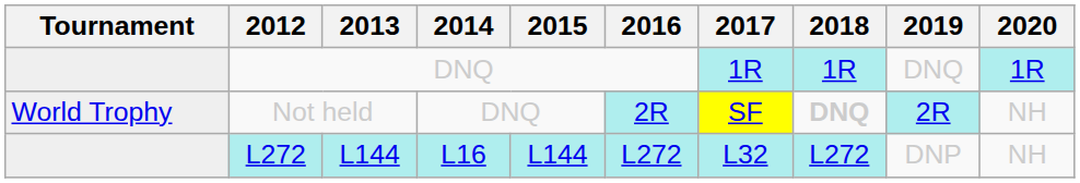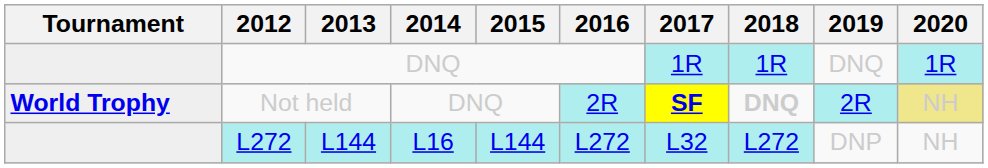 <table class="wikitable" style="width:50%; margin:0">
 <tr>
 <th>Tournament</th>
 <th>2012</th>
 <th>2013</th>
 <th>2014</th>
 <th>2015</th>
 <th>2016</th>
 <th>2017</th>
 <th>2018</th>
 <th>2019</th>
 <th>2020</th>
 </tr>
 <tr>
 <td style="background:#efefef;"></td>
 <td colspan="5" style="text-align:center; color:#ccc;">DNQ</td>
 <td style="text-align:center; background:#afeeee;"><a href='#'>1R</a></td>
 <td style="text-align:center; background:#afeeee;"><a href='#'>1R</a></td>
 <td style="text-align:center; color:#ccc;">DNQ</td>
 <td style="text-align:center; background:#afeeee;"><a href='#'>1R</a></td>
 </tr>
 <tr>
-<td style="background:#efefef;"><a href='#'>World Trophy</a></td>
+<td style="background:#efefef;"><strong><a href='#'>World Trophy</a></strong></td>
 <td colspan="2" style="text-align:center; color:#ccc;">Not held</td>
 <td colspan="2" style="text-align:center; color:#ccc;">DNQ</td>
 <td style="text-align:center; background:#afeeee;"><a href='#'>2R</a></td>
-<td style="text-align:center; background:yellow;"><a href='#'>SF</a></td>
+<td style="text-align:center; background:yellow;"><strong><a href='#'>SF</a></strong></td>
 <td style="text-align:center; color:#ccc;"><strong>DNQ</strong></td>
 <td style="text-align:center; background:#afeeee;"><a href='#'>2R</a></td>
-<td style="text-align:center; color:#ccc;">NH</td>
+<td style="background: khaki; text-align:center; color:#ccc;">NH</td>
 </tr>
 <tr>
 <td style="background:#efefef;"></td>
 <td style="text-align:center; background:#afeeee;"><a href='#'>L272</a></td>
 <td style="text-align:center; background:#afeeee;"><a href='#'>L144</a></td>
 <td style="text-align:center; background:#afeeee;"><a href='#'>L16</a></td>
 <td style="text-align:center; background:#afeeee;"><a href='#'>L144</a></td>
 <td style="text-align:center; background:#afeeee;"><a href='#'>L272</a></td>
 <td style="text-align:center; background:#afeeee;"><a href='#'>L32</a></td>
 <td style="text-align:center; background:#afeeee;"><a href='#'>L272</a></td>
 <td style="text-align:center; color:#ccc;">DNP</td>
 <td style="text-align:center; color:#ccc;">NH</td>
 </tr>
 </table>
